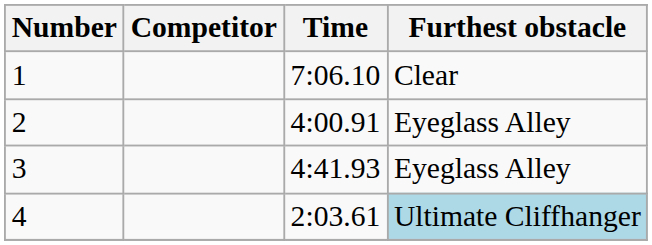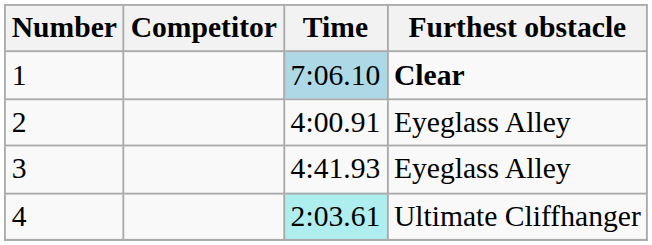 <table class="wikitable sortable mw-collapsible">
 <tr>
 <th>Number</th>
 <th>Competitor</th>
 <th>Time</th>
 <th>Furthest obstacle</th>
 </tr>
 <tr>
 <td>1</td>
 <td></td>
-<td>7:06.10</td>
-<td>Clear</td>
+<td style="background: lightblue;">7:06.10</td>
+<td><strong>Clear</strong></td>
 </tr>
 <tr>
 <td>2</td>
 <td></td>
 <td>4:00.91</td>
 <td>Eyeglass Alley</td>
 </tr>
 <tr>
 <td>3</td>
 <td></td>
 <td>4:41.93</td>
 <td>Eyeglass Alley</td>
 </tr>
 <tr>
 <td>4</td>
 <td></td>
-<td>2:03.61</td>
-<td style="background: lightblue;">Ultimate Cliffhanger</td>
+<td style="background: paleturquoise;">2:03.61</td>
+<td>Ultimate Cliffhanger</td>
 </tr>
 <tr>
 </tr>
 </table>
